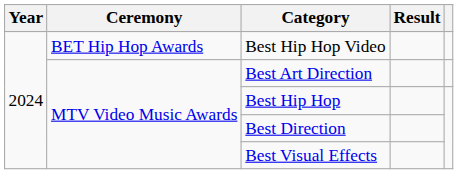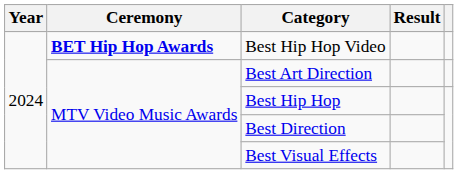 <table class="wikitable sortable plainrowheaders">
 <tr>
 <th scope="col">Year</th>
 <th scope="col">Ceremony</th>
 <th scope="col">Category</th>
 <th scope="col">Result</th>
 <th scope="col" class="unsortable"></th>
 </tr>
 <tr>
 <td rowspan="5">2024</td>
-<td><a href='#'>BET Hip Hop Awards</a></td>
+<td><strong><a href='#'>BET Hip Hop Awards</a></strong></td>
 <td>Best Hip Hop Video</td>
 <td></td>
 <td style="text-align:center"></td>
 </tr>
 <tr>
 <td rowspan="4"><a href='#'>MTV Video Music Awards</a></td>
 <td><a href='#'>Best Art Direction</a></td>
 <td></td>
 <td style="text-align:center;"></td>
 </tr>
 <tr>
 <td><a href='#'>Best Hip Hop</a></td>
 <td></td>
 <td style="text-align:center;" rowspan="3"></td>
 </tr>
 <tr>
 <td><a href='#'>Best Direction</a></td>
 <td></td>
 </tr>
 <tr>
 <td><a href='#'>Best Visual Effects</a></td>
 <td></td>
 </tr>
 </table>
